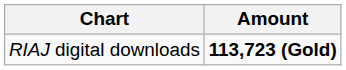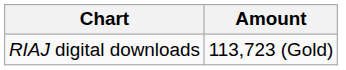 <table class="wikitable">
 <tr>
 <th>Chart</th>
 <th>Amount</th>
 </tr>
 <tr>
 <td><em>RIAJ</em> digital downloads</td>
-<td align="center"><strong>113,723 (Gold)</strong></td>
+<td align="center">113,723 (Gold)</td>
 </tr>
 </table>
